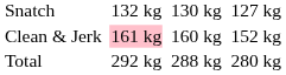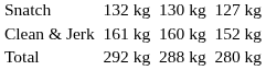 <table>
 <tr>
 <td>Snatch</td>
 <td></td>
 <td>132 kg</td>
 <td></td>
 <td>130 kg</td>
 <td></td>
 <td>127 kg</td>
 </tr>
 <tr>
 <td>Clean & Jerk</td>
 <td></td>
-<td style="background: pink;">161 kg</td>
+<td>161 kg</td>
 <td></td>
 <td>160 kg</td>
 <td></td>
 <td>152 kg</td>
 </tr>
 <tr>
 <td>Total</td>
 <td></td>
 <td>292 kg</td>
 <td></td>
 <td>288 kg</td>
 <td></td>
 <td>280 kg</td>
 </tr>
 </table>
